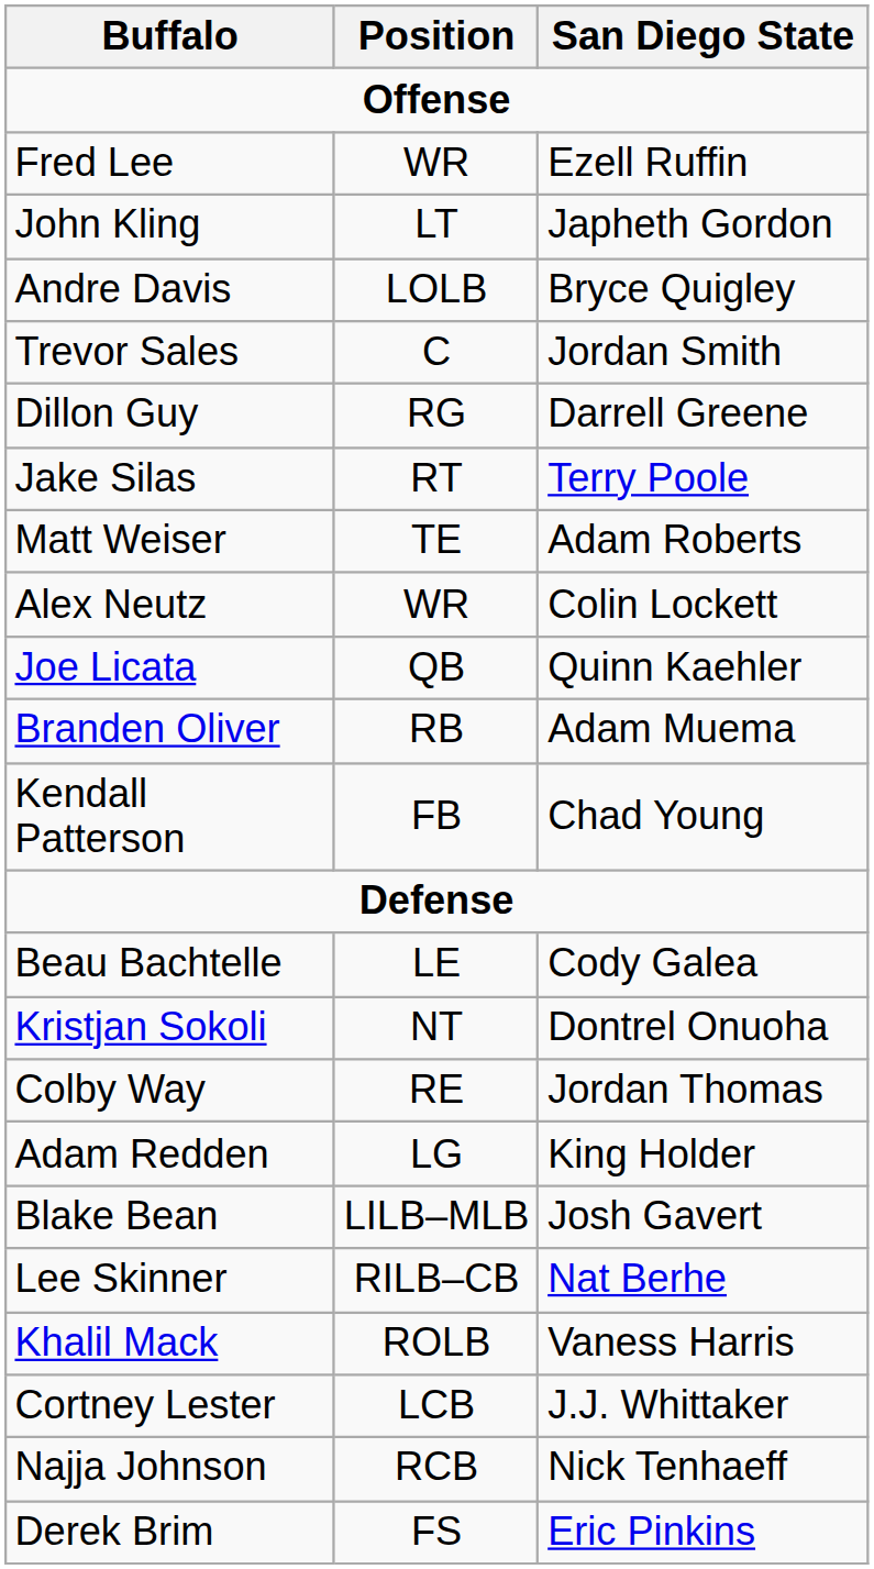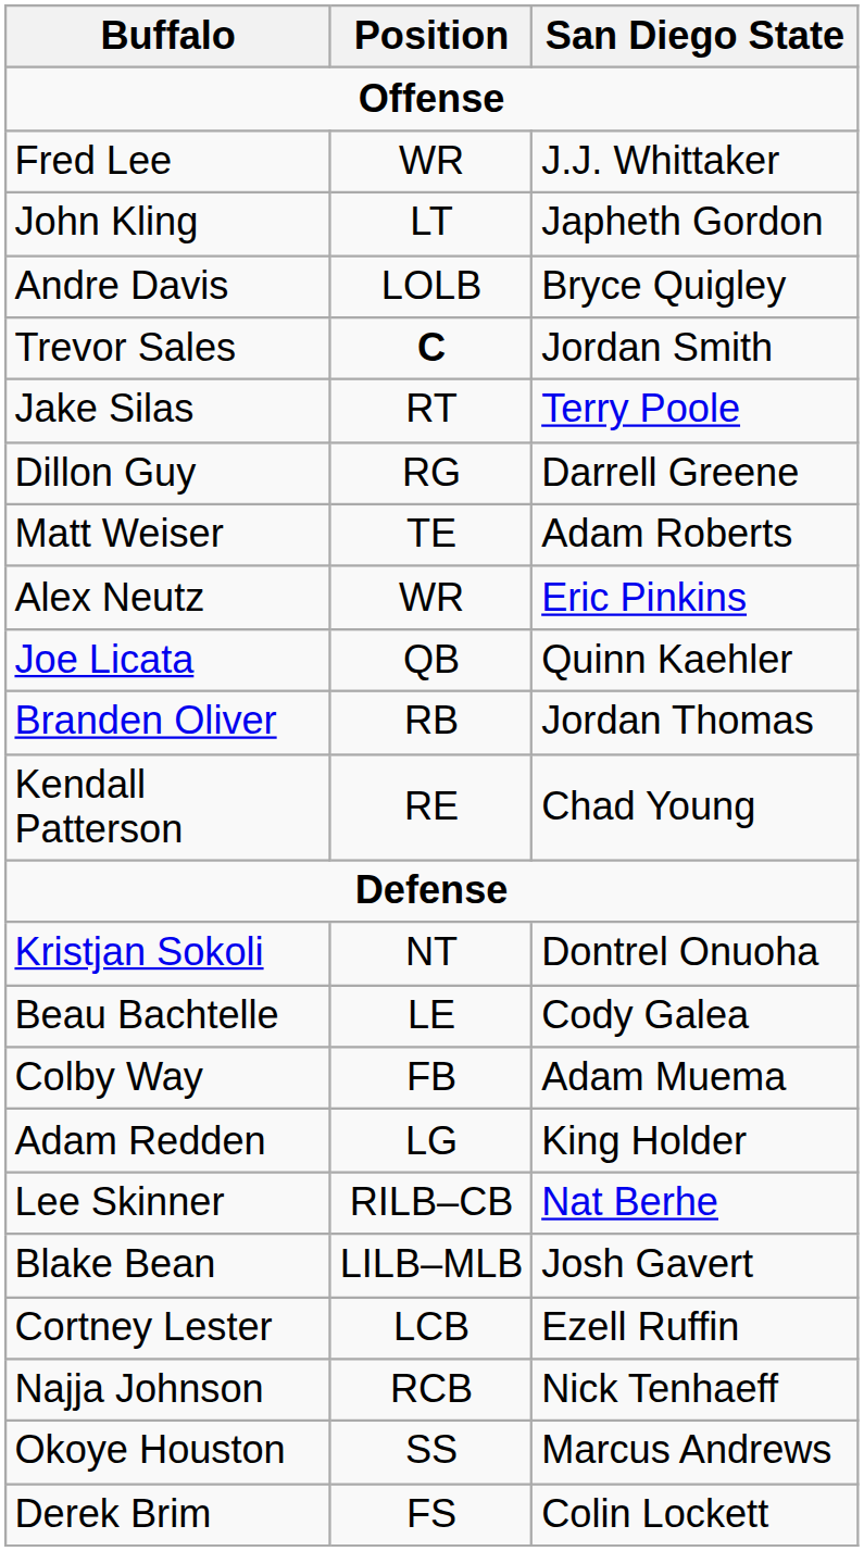 <table class="wikitable">
 <tr>
 <th width="125px">Buffalo</th>
 <th>Position</th>
 <th width="125px">San Diego State</th>
 </tr>
 <tr>
 <td colspan="3" align="center"><strong>Offense</strong></td>
 </tr>
 <tr>
 <td>Fred Lee</td>
 <td align="center">WR</td>
-<td>Ezell Ruffin</td>
+<td>J.J. Whittaker</td>
 </tr>
 <tr>
 <td>John Kling</td>
 <td align="center">LT</td>
 <td>Japheth Gordon</td>
 </tr>
 <tr>
 <td>Andre Davis</td>
 <td align="center">LOLB</td>
 <td>Bryce Quigley</td>
 </tr>
 <tr>
 <td>Trevor Sales</td>
-<td align="center">C</td>
+<td align="center"><strong>C</strong></td>
 <td>Jordan Smith</td>
+</tr>
+<tr>
+<td>Jake Silas</td>
+<td align="center">RT</td>
+<td><a href='#'>Terry Poole</a></td>
 </tr>
 <tr>
 <td>Dillon Guy</td>
 <td align="center">RG</td>
 <td>Darrell Greene</td>
-</tr>
-<tr>
-<td>Jake Silas</td>
-<td align="center">RT</td>
-<td><a href='#'>Terry Poole</a></td>
 </tr>
 <tr>
 <td>Matt Weiser</td>
 <td align="center">TE</td>
 <td>Adam Roberts</td>
 </tr>
 <tr>
 <td>Alex Neutz</td>
 <td align="center">WR</td>
-<td>Colin Lockett</td>
+<td><a href='#'>Eric Pinkins</a></td>
 </tr>
 <tr>
 <td><a href='#'>Joe Licata</a></td>
 <td align="center">QB</td>
 <td>Quinn Kaehler</td>
 </tr>
 <tr>
 <td><a href='#'>Branden Oliver</a></td>
 <td align="center">RB</td>
-<td>Adam Muema</td>
+<td>Jordan Thomas</td>
 </tr>
 <tr>
 <td>Kendall Patterson</td>
-<td align="center">FB</td>
+<td align="center">RE</td>
 <td>Chad Young</td>
 </tr>
 <tr>
 <td colspan="3" align="center"><strong>Defense</strong></td>
+</tr>
+<tr>
+<td><a href='#'>Kristjan Sokoli</a></td>
+<td align="center">NT</td>
+<td>Dontrel Onuoha</td>
 </tr>
 <tr>
 <td>Beau Bachtelle</td>
 <td align="center">LE</td>
 <td>Cody Galea</td>
 </tr>
 <tr>
-<td><a href='#'>Kristjan Sokoli</a></td>
-<td align="center">NT</td>
-<td>Dontrel Onuoha</td>
-</tr>
-<tr>
 <td>Colby Way</td>
-<td align="center">RE</td>
-<td>Jordan Thomas</td>
+<td align="center">FB</td>
+<td>Adam Muema</td>
 </tr>
 <tr>
 <td>Adam Redden</td>
 <td align="center">LG</td>
 <td>King Holder</td>
 </tr>
 <tr>
+<td>Lee Skinner</td>
+<td align="center">RILB–CB</td>
+<td><a href='#'>Nat Berhe</a></td>
+</tr>
+<tr>
 <td>Blake Bean</td>
 <td align="center">LILB–MLB</td>
 <td>Josh Gavert</td>
 </tr>
 <tr>
-<td>Lee Skinner</td>
-<td align="center">RILB–CB</td>
-<td><a href='#'>Nat Berhe</a></td>
-</tr>
-<tr>
-<td><a href='#'>Khalil Mack</a></td>
-<td align="center">ROLB</td>
-<td>Vaness Harris</td>
-</tr>
-<tr>
 <td>Cortney Lester</td>
 <td align="center">LCB</td>
-<td>J.J. Whittaker</td>
+<td>Ezell Ruffin</td>
 </tr>
 <tr>
 <td>Najja Johnson</td>
 <td align="center">RCB</td>
 <td>Nick Tenhaeff</td>
 </tr>
 <tr>
+<td>Okoye Houston</td>
+<td align="center">SS</td>
+<td>Marcus Andrews</td>
+</tr>
+<tr>
 <td>Derek Brim</td>
 <td align="center">FS</td>
-<td><a href='#'>Eric Pinkins</a></td>
+<td>Colin Lockett</td>
 </tr>
 </table>
